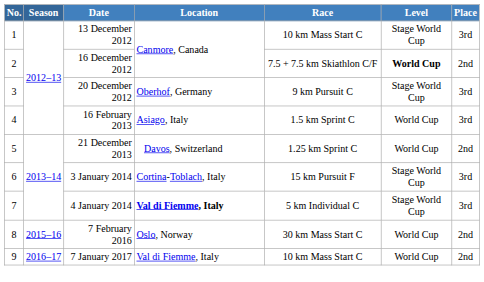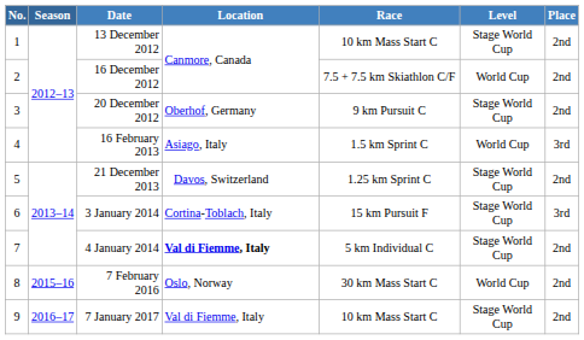 <table class="wikitable sortable" style="font-size:95%; text-align:center; border:grey solid 1px; border-collapse:collapse; background:#ffffff;">
 <tr style="background:#efefef;">
 <th style="background-color:#369; color:white;">No.</th>
 <th style="background-color:#369; color:white;">Season</th>
 <th style="background-color:#4180be; color:white; width:100px;">Date</th>
 <th style="background-color:#4180be; color:white; width:190px;">Location</th>
 <th style="background-color:#4180be; color:white; width:170px;">Race</th>
 <th style="background-color:#4180be; color:white; width:100px;">Level</th>
 <th style="background-color:#4180be; color:white;">Place</th>
 </tr>
 <tr>
 <td align=center>1</td>
 <td rowspan=4 align=center><a href='#'>2012–13</a></td>
 <td align=right>13 December 2012</td>
 <td rowspan=2 align=left> <a href='#'>Canmore</a>, Canada</td>
 <td>10 km Mass Start C</td>
 <td>Stage World Cup</td>
-<td>3rd</td>
+<td>2nd</td>
 </tr>
 <tr>
 <td align=center>2</td>
 <td align=right>16 December 2012</td>
 <td>7.5 + 7.5 km Skiathlon C/F</td>
-<td><strong>World Cup</strong></td>
+<td>World Cup</td>
 <td>2nd</td>
 </tr>
 <tr>
 <td align=center>3</td>
 <td align=right>20 December 2012</td>
 <td align=left> <a href='#'>Oberhof</a>, Germany</td>
 <td>9 km Pursuit C</td>
 <td>Stage World Cup</td>
-<td>3rd</td>
+<td>2nd</td>
 </tr>
 <tr>
 <td align=center>4</td>
 <td align=right>16 February 2013</td>
 <td align=left> <a href='#'>Asiago</a>, Italy</td>
 <td>1.5 km Sprint C</td>
 <td>World Cup</td>
 <td>3rd</td>
 </tr>
 <tr>
 <td align=center>5</td>
 <td rowspan=3 align=center><a href='#'>2013–14</a></td>
 <td align=right>21 December 2013</td>
 <td align=left>   <a href='#'>Davos</a>, Switzerland</td>
 <td>1.25 km Sprint C</td>
-<td>World Cup</td>
+<td>Stage World Cup</td>
 <td>2nd</td>
 </tr>
 <tr>
 <td align=center>6</td>
 <td align=right>3 January 2014</td>
 <td align=left> <a href='#'>Cortina</a>-<a href='#'>Toblach</a>, Italy</td>
 <td>15 km Pursuit F</td>
 <td>Stage World Cup</td>
 <td>3rd</td>
 </tr>
 <tr>
 <td align=center>7</td>
 <td align=right>4 January 2014</td>
 <td align=left><strong> <a href='#'>Val di Fiemme</a>, Italy</strong></td>
 <td>5 km Individual C</td>
 <td>Stage World Cup</td>
-<td>3rd</td>
+<td>2nd</td>
 </tr>
 <tr>
 <td align=center>8</td>
 <td align=center><a href='#'>2015–16</a></td>
 <td align=right>7 February 2016</td>
 <td align=left> <a href='#'>Oslo</a>, Norway</td>
 <td>30 km Mass Start C</td>
 <td>World Cup</td>
 <td>2nd</td>
 </tr>
 <tr>
 <td align=center>9</td>
 <td rowspan=1 align=center><a href='#'>2016–17</a></td>
 <td align=right>7 January 2017</td>
 <td align=left> <a href='#'>Val di Fiemme</a>, Italy</td>
 <td>10 km Mass Start C</td>
-<td>World Cup</td>
+<td>Stage World Cup</td>
 <td>2nd</td>
 </tr>
 </table>
